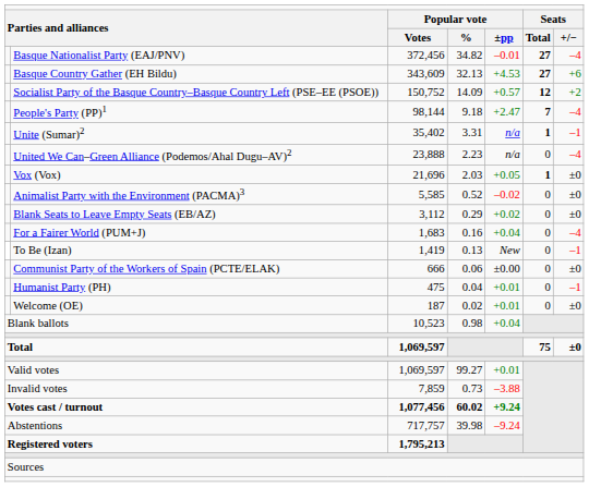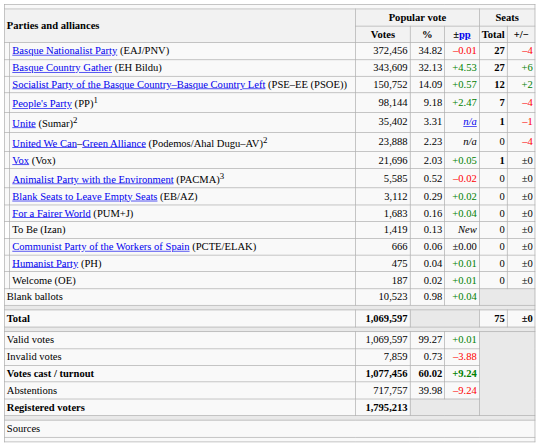 <table class="wikitable" style="text-align:right;">
 <tr>
 <td colspan="7"></td>
 </tr>
 <tr>
 <th style="text-align:left;" rowspan="2" colspan="2" width="525">Parties and alliances</th>
 <th colspan="3">Popular vote</th>
 <th colspan="2">Seats</th>
 </tr>
 <tr>
 <th width="75">Votes</th>
 <th width="45">%</th>
 <th width="45">±<a href='#'>pp</a></th>
 <th width="35">Total</th>
 <th width="35">+/−</th>
 </tr>
 <tr>
 <td width="1" style="color:inherit;background:"></td>
 <td align="left"><a href='#'>Basque Nationalist Party</a> (EAJ/PNV)</td>
 <td>372,456</td>
 <td>34.82</td>
 <td style="color:red;">–0.01</td>
 <td><strong>27</strong></td>
 <td style="color:red;">–4</td>
 </tr>
 <tr>
 <td style="color:inherit;background:"></td>
 <td align="left"><a href='#'>Basque Country Gather</a> (EH Bildu)</td>
 <td>343,609</td>
 <td>32.13</td>
 <td style="color:green;">+4.53</td>
 <td><strong>27</strong></td>
 <td style="color:green;">+6</td>
 </tr>
 <tr>
 <td style="color:inherit;background:"></td>
 <td align="left"><a href='#'>Socialist Party of the Basque Country–Basque Country Left</a> (PSE–EE (PSOE))</td>
 <td>150,752</td>
 <td>14.09</td>
 <td style="color:green;">+0.57</td>
 <td><strong>12</strong></td>
 <td style="color:green;">+2</td>
 </tr>
 <tr>
 <td style="color:inherit;background:"></td>
 <td align="left"><a href='#'>People's Party</a> (PP)<sup>1</sup></td>
 <td>98,144</td>
 <td>9.18</td>
 <td style="color:green;">+2.47</td>
 <td><strong>7</strong></td>
 <td style="color:red;">–4</td>
 </tr>
 <tr>
 <td style="color:inherit;background:"></td>
 <td align="left"><a href='#'>Unite</a> (Sumar)<sup>2</sup></td>
 <td>35,402</td>
 <td>3.31</td>
 <td><em><a href='#'>n/a</a></em></td>
 <td><strong>1</strong></td>
 <td style="color:red;">–1</td>
 </tr>
 <tr>
 <td style="color:inherit;background:"></td>
 <td align="left"><a href='#'>United We Can</a>–<a href='#'>Green Alliance</a> (Podemos/Ahal Dugu–AV)<sup>2</sup></td>
 <td>23,888</td>
 <td>2.23</td>
 <td><em>n/a</em></td>
 <td>0</td>
 <td style="color:red;">–4</td>
 </tr>
 <tr>
 <td style="color:inherit;background:"></td>
 <td align="left"><a href='#'>Vox</a> (Vox)</td>
 <td>21,696</td>
 <td>2.03</td>
 <td style="color:green;">+0.05</td>
 <td><strong>1</strong></td>
 <td>±0</td>
 </tr>
 <tr>
 <td style="color:inherit;background:"></td>
 <td align="left"><a href='#'>Animalist Party with the Environment</a> (PACMA)<sup>3</sup></td>
 <td>5,585</td>
 <td>0.52</td>
 <td style="color:red;">–0.02</td>
 <td>0</td>
 <td>±0</td>
 </tr>
 <tr>
 <td style="color:inherit;background:"></td>
 <td align="left"><a href='#'>Blank Seats to Leave Empty Seats</a> (EB/AZ)</td>
 <td>3,112</td>
 <td>0.29</td>
 <td style="color:green;">+0.02</td>
 <td>0</td>
 <td>±0</td>
 </tr>
 <tr>
 <td style="color:inherit;background:"></td>
 <td align="left"><a href='#'>For a Fairer World</a> (PUM+J)</td>
 <td>1,683</td>
 <td>0.16</td>
 <td style="color:green;">+0.04</td>
 <td>0</td>
-<td style="color:red;">–4</td>
+<td>±0</td>
 </tr>
 <tr>
 <td bgcolor="white"></td>
 <td align="left">To Be (Izan)</td>
 <td>1,419</td>
 <td>0.13</td>
 <td><em>New</em></td>
 <td>0</td>
-<td style="color:red;">–1</td>
+<td>±0</td>
 </tr>
 <tr>
 <td style="color:inherit;background:"></td>
 <td align="left"><a href='#'>Communist Party of the Workers of Spain</a> (PCTE/ELAK)</td>
 <td>666</td>
 <td>0.06</td>
 <td>±0.00</td>
 <td>0</td>
 <td>±0</td>
 </tr>
 <tr>
 <td style="color:inherit;background:"></td>
 <td align="left"><a href='#'>Humanist Party</a> (PH)</td>
 <td>475</td>
 <td>0.04</td>
 <td style="color:green;">+0.01</td>
 <td>0</td>
-<td style="color:red;">–1</td>
+<td>±0</td>
 </tr>
 <tr>
 <td style="color:inherit;background:"></td>
 <td align="left">Welcome (OE)</td>
 <td>187</td>
 <td>0.02</td>
 <td style="color:green;">+0.01</td>
 <td>0</td>
 <td>±0</td>
 </tr>
 <tr>
 <td align="left" colspan="2">Blank ballots</td>
 <td>10,523</td>
 <td>0.98</td>
 <td style="color:green;">+0.04</td>
 <td bgcolor="#E9E9E9" colspan="2"></td>
 </tr>
 <tr>
 <td colspan="7" bgcolor="#E9E9E9"></td>
 </tr>
 <tr style="font-weight:bold;">
 <td align="left" colspan="2">Total</td>
 <td>1,069,597</td>
 <td bgcolor="#E9E9E9" colspan="2"></td>
 <td>75</td>
 <td>±0</td>
 </tr>
 <tr>
 <td colspan="7" bgcolor="#E9E9E9"></td>
 </tr>
 <tr>
 <td align="left" colspan="2">Valid votes</td>
 <td>1,069,597</td>
 <td>99.27</td>
 <td style="color:green;">+0.01</td>
 <td bgcolor="#E9E9E9" colspan="2" rowspan="5"></td>
 </tr>
 <tr>
 <td align="left" colspan="2">Invalid votes</td>
 <td>7,859</td>
 <td>0.73</td>
 <td style="color:red;">–3.88</td>
 </tr>
 <tr style="font-weight:bold;">
 <td align="left" colspan="2">Votes cast / turnout</td>
 <td>1,077,456</td>
 <td>60.02</td>
 <td style="color:green;">+9.24</td>
 </tr>
 <tr>
 <td align="left" colspan="2">Abstentions</td>
 <td>717,757</td>
 <td>39.98</td>
 <td style="color:red;">–9.24</td>
 </tr>
 <tr style="font-weight:bold;">
 <td align="left" colspan="2">Registered voters</td>
 <td>1,795,213</td>
 <td bgcolor="#E9E9E9" colspan="2"></td>
 </tr>
 <tr>
 <td colspan="7" bgcolor="#E9E9E9"></td>
 </tr>
 <tr>
 <td align="left" colspan="7">Sources</td>
 </tr>
 <tr>
 <td colspan="7" style="text-align:left; max-width:790px;"></td>
 </tr>
 </table>
